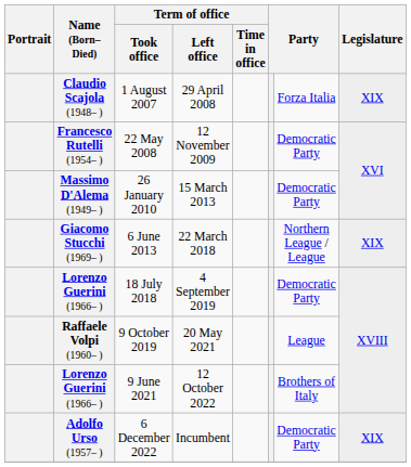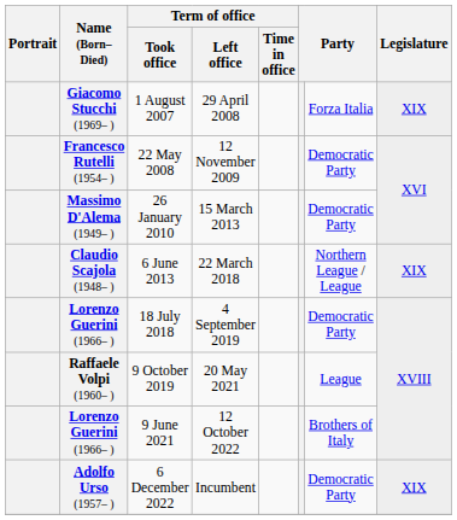 <table class="wikitable" style="text-align:center; style="width=80%">
 <tr>
 <th width=1% rowspan=2>Portrait</th>
 <th width=15% rowspan=2>Name<br><small>(Born–Died)</small></th>
 <th width=30% colspan=3>Term of office</th>
 <th width=11% rowspan=2 colspan=2>Party</th>
 <th width=11% rowspan=2>Legislature</th>
 </tr>
 <tr style="text-align:center;">
 <th width=11%>Took office</th>
 <th width=11%>Left office</th>
 <th width=8%>Time in office</th>
 </tr>
 <tr>
 <th></th>
-<th scope="row" style="font-weight:normal"><strong><a href='#'>Claudio Scajola</a></strong><br><small>(1948– )</small></th>
+<th scope="row" style="font-weight:normal"><strong><a href='#'>Giacomo Stucchi</a></strong><br><small>(1969– )</small></th>
 <td>1 August 2007</td>
 <td>29 April 2008</td>
 <td></td>
 <th style="background:"></th>
 <td><a href='#'>Forza Italia</a></td>
 <td bgcolor=#EEEEEE><a href='#'>XIX<br></a></td>
 </tr>
 <tr>
 <th></th>
 <th scope="row" style="font-weight:normal"><strong><a href='#'>Francesco Rutelli</a></strong><br><small>(1954– )</small></th>
 <td>22 May 2008</td>
 <td>12 November 2009</td>
 <td></td>
 <th style="background:"></th>
 <td><a href='#'>Democratic Party</a></td>
 <td rowspan=2 bgcolor=#EEEEEE><a href='#'>XVI<br></a></td>
 </tr>
 <tr>
 <th></th>
 <th scope="row" style="font-weight:normal"><strong><a href='#'>Massimo D'Alema</a></strong><br><small>(1949– )</small></th>
 <td>26 January 2010</td>
 <td>15 March 2013</td>
 <td></td>
 <th style="background:"></th>
 <td><a href='#'>Democratic Party</a></td>
 </tr>
 <tr>
 <th></th>
-<th scope="row" style="font-weight:normal"><strong><a href='#'>Giacomo Stucchi</a></strong><br><small>(1969– )</small></th>
+<th scope="row" style="font-weight:normal"><strong><a href='#'>Claudio Scajola</a></strong><br><small>(1948– )</small></th>
 <td>6 June 2013</td>
 <td>22 March 2018</td>
 <td></td>
 <th style="background:"></th>
 <td><a href='#'>Northern League</a> /<br><a href='#'>League</a></td>
 <td bgcolor=#EEEEEE><a href='#'>XIX<br></a></td>
 </tr>
 <tr>
 <th></th>
 <th scope="row" style="font-weight:normal"><strong><a href='#'>Lorenzo Guerini</a></strong><br><small>(1966– )</small></th>
 <td>18 July 2018</td>
 <td>4 September 2019</td>
 <td></td>
 <th style="background:"></th>
 <td><a href='#'>Democratic Party</a></td>
 <td rowspan=3 bgcolor=#EEEEEE><a href='#'>XVIII<br></a></td>
 </tr>
 <tr>
 <th></th>
 <th scope="row" style="font-weight:normal"><strong>Raffaele Volpi</strong><br><small>(1960– )</small></th>
 <td>9 October 2019</td>
 <td>20 May 2021</td>
 <td></td>
 <th style="background:"></th>
 <td><a href='#'>League</a></td>
 </tr>
 <tr>
 <th></th>
 <th scope="row" style="font-weight:normal"><strong><a href='#'>Lorenzo Guerini</a></strong><br><small>(1966– )</small></th>
 <td>9 June 2021</td>
 <td>12 October 2022</td>
 <td></td>
 <th style="background:"></th>
 <td><a href='#'>Brothers of Italy</a></td>
 </tr>
 <tr>
 <th></th>
 <th scope="row" style="font-weight:normal"><strong><a href='#'>Adolfo Urso</a></strong><br><small>(1957– )</small></th>
 <td>6 December 2022</td>
 <td>Incumbent</td>
 <td></td>
 <th style="background:"></th>
 <td><a href='#'>Democratic Party</a></td>
 <td bgcolor=#EEEEEE><a href='#'>XIX<br></a></td>
 </tr>
 <tr>
 </tr>
 </table>
